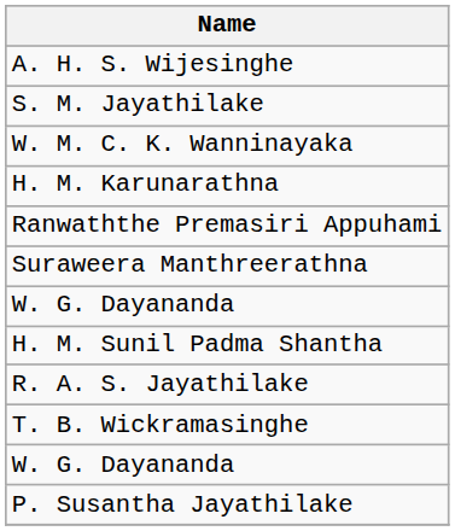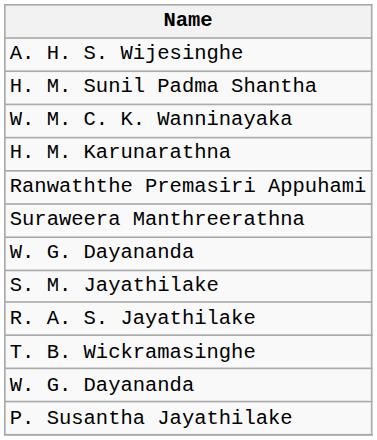 <table class="wikitable" style="font-size: 95%;">
 <tr>
 <th>Name</th>
 </tr>
 <tr>
 <td>A. H. S. Wijesinghe</td>
 </tr>
 <tr>
-<td>S. M. Jayathilake</td>
+<td>H. M. Sunil Padma Shantha</td>
 </tr>
 <tr>
 <td>W. M. C. K. Wanninayaka</td>
 </tr>
 <tr>
 <td>H. M. Karunarathna</td>
 </tr>
 <tr>
 <td>Ranwaththe Premasiri Appuhami</td>
 </tr>
 <tr>
 <td>Suraweera Manthreerathna</td>
 </tr>
 <tr>
 <td>W. G. Dayananda</td>
 </tr>
 <tr>
-<td>H. M. Sunil Padma Shantha</td>
+<td>S. M. Jayathilake</td>
 </tr>
 <tr>
 <td>R. A. S. Jayathilake</td>
 </tr>
 <tr>
 <td>T. B. Wickramasinghe</td>
 </tr>
 <tr>
 <td>W. G. Dayananda</td>
 </tr>
 <tr>
 <td>P. Susantha Jayathilake</td>
 </tr>
 <tr>
 </tr>
 </table>
